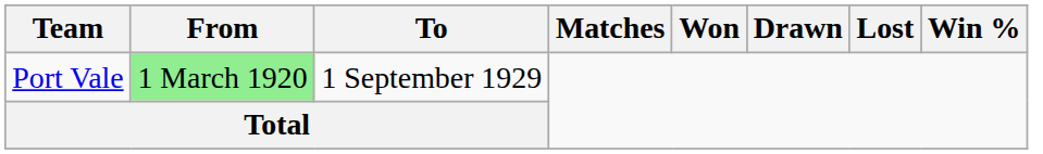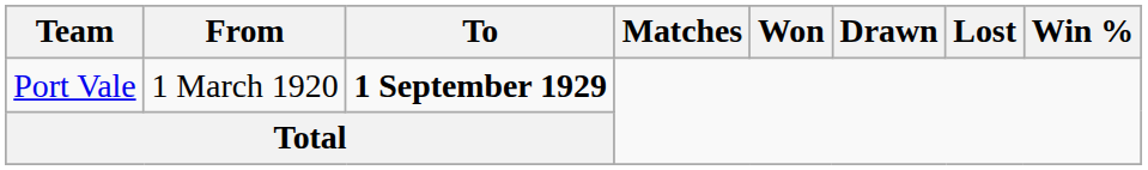 <table class="wikitable" style="text-align: center">
 <tr>
 <th>Team</th>
 <th>From</th>
 <th class="unsortable">To</th>
 <th>Matches</th>
 <th>Won</th>
 <th>Drawn</th>
 <th>Lost</th>
 <th>Win %</th>
 </tr>
 <tr>
 <td align=left><a href='#'>Port Vale</a></td>
-<td align=left style="background: lightgreen;">1 March 1920</td>
-<td align=left>1 September 1929<br></td>
+<td align=left>1 March 1920</td>
+<td align=left><strong>1 September 1929<br></strong></td>
 </tr>
 <tr>
 <th colspan="3">Total<br></th>
 </tr>
 </table>
